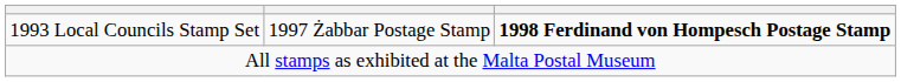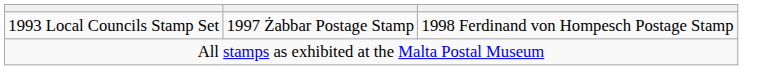 <table class="wikitable">
 <tr>
 <th></th>
 <th></th>
 <th></th>
 </tr>
 <tr>
 <td>1993 Local Councils Stamp Set</td>
 <td>1997 Żabbar Postage Stamp</td>
-<td><strong>1998 Ferdinand von Hompesch Postage Stamp</strong></td>
+<td>1998 Ferdinand von Hompesch Postage Stamp</td>
 </tr>
 <tr>
 <td colspan="3" style="text-align: center;">All <a href='#'>stamps</a> as exhibited at the <a href='#'>Malta Postal Museum</a></td>
 </tr>
 </table>
